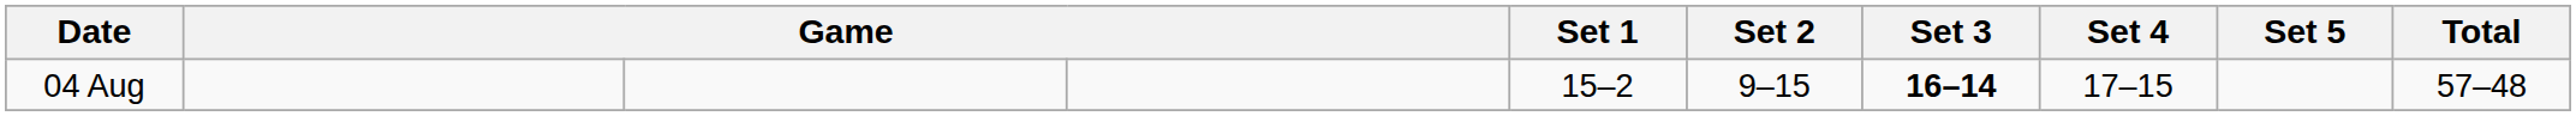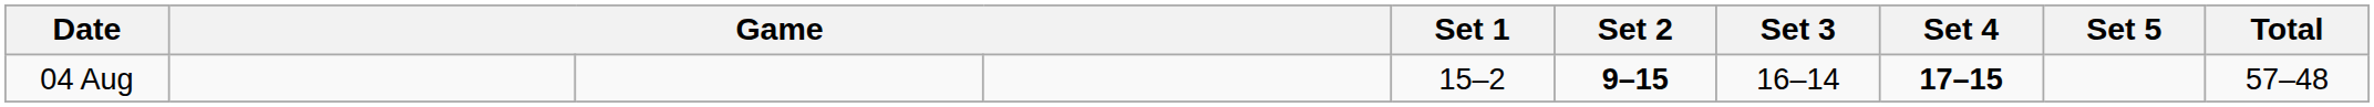 <table width=1200 class="wikitable">
 <tr>
 <th width=6%>Date</th>
 <th width=45% colspan=3>Game</th>
 <th width=6%>Set 1</th>
 <th width=6%>Set 2</th>
 <th width=6%>Set 3</th>
 <th width=6%>Set 4</th>
 <th width=6%>Set 5</th>
 <th width=6%>Total</th>
 </tr>
 <tr style=font-size:95%>
 <td align=center>04 Aug</td>
 <td align=center><strong></strong></td>
 <td></td>
 <td></td>
 <td align=center>15–2</td>
-<td align=center>9–15</td>
-<td align=center><strong>16–14</strong></td>
-<td align=center>17–15</td>
+<td align=center><strong>9–15</strong></td>
+<td align=center>16–14</td>
+<td align=center><strong>17–15</strong></td>
 <td align=center></td>
 <td align=center>57–48</td>
 </tr>
 </table>
